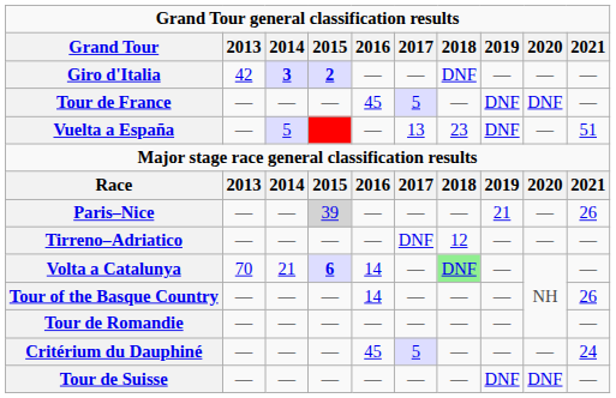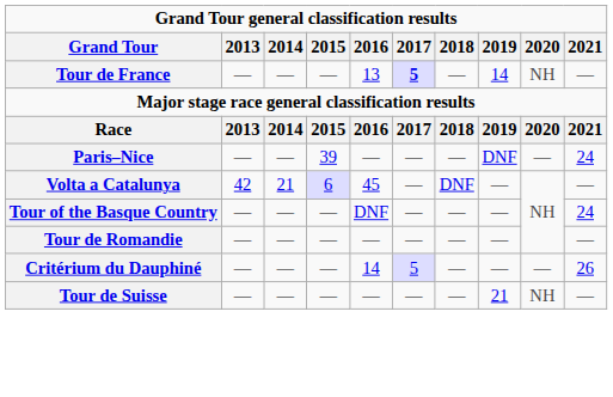 <table class="wikitable plainrowheaders">
 <tr>
 <td colspan="10" align="center"><strong>Grand Tour general classification results</strong></td>
 </tr>
 <tr>
 <th scope="col"><a href='#'>Grand Tour</a></th>
 <th scope="col">2013</th>
 <th scope="col">2014</th>
 <th scope="col">2015</th>
 <th scope="col">2016</th>
 <th scope="col">2017</th>
 <th scope="col">2018</th>
 <th scope="col">2019</th>
 <th scope="col">2020</th>
 <th scope="col">2021</th>
 </tr>
 <tr style="text-align:center;">
-<th scope="row"> <a href='#'>Giro d'Italia</a></th>
-<td><a href='#'>42</a></td>
-<td style="background:#ddf;"><a href='#'><strong>3</strong></a></td>
-<td style="background:#ddf;"><a href='#'><strong>2</strong></a></td>
-<td>—</td>
-<td>—</td>
-<td><a href='#'>DNF</a></td>
-<td>—</td>
-<td>—</td>
-<td>—</td>
-</tr>
-<tr style="text-align:center;">
 <th scope="row"> <a href='#'>Tour de France</a></th>
 <td>—</td>
 <td>—</td>
 <td>—</td>
-<td><a href='#'>45</a></td>
-<td style="background:#ddf;"><a href='#'>5</a></td>
+<td><a href='#'>13</a></td>
+<td style="background:#ddf;"><strong><a href='#'>5</a></strong></td>
 <td>—</td>
-<td><a href='#'>DNF</a></td>
-<td><a href='#'>DNF</a></td>
+<td><a href='#'>14</a></td>
+<td style="color:#4d4d4d;">NH</td>
 <td>—</td>
-</tr>
-<tr style="text-align:center;">
-<th scope="row"> <a href='#'>Vuelta a España</a></th>
-<td>—</td>
-<td style="background:#ddf;"><a href='#'>5</a></td>
-<td style="background:red;"></td>
-<td>—</td>
-<td><a href='#'>13</a></td>
-<td><a href='#'>23</a></td>
-<td><a href='#'>DNF</a></td>
-<td>—</td>
-<td><a href='#'>51</a></td>
 </tr>
 <tr>
 <td colspan="10" align="center"><strong>Major stage race general classification results</strong></td>
 </tr>
 <tr>
 <th scope="col">Race</th>
 <th scope="col">2013</th>
 <th scope="col">2014</th>
 <th scope="col">2015</th>
 <th scope="col">2016</th>
 <th scope="col">2017</th>
 <th scope="col">2018</th>
 <th scope="col">2019</th>
 <th scope="col">2020</th>
 <th scope="col">2021</th>
 </tr>
 <tr style="text-align:center;">
 <th scope="row"> <a href='#'>Paris–Nice</a></th>
 <td>—</td>
 <td>—</td>
-<td style="background: lightgrey;"><a href='#'>39</a></td>
-<td>—</td>
-<td>—</td>
-<td>—</td>
-<td><a href='#'>21</a></td>
-<td>—</td>
-<td><a href='#'>26</a></td>
-</tr>
-<tr style="text-align:center;">
-<th scope="row"> <a href='#'>Tirreno–Adriatico</a></th>
-<td>—</td>
+<td><a href='#'>39</a></td>
 <td>—</td>
 <td>—</td>
 <td>—</td>
 <td><a href='#'>DNF</a></td>
-<td><a href='#'>12</a></td>
 <td>—</td>
-<td>—</td>
-<td>—</td>
+<td><a href='#'>24</a></td>
 </tr>
 <tr style="text-align:center;">
 <th scope="row"> <a href='#'>Volta a Catalunya</a></th>
-<td><a href='#'>70</a></td>
+<td><a href='#'>42</a></td>
 <td><a href='#'>21</a></td>
-<td style="background:#ddddff;"><strong><a href='#'>6</a></strong></td>
-<td><a href='#'>14</a></td>
+<td style="background:#ddddff;"><a href='#'>6</a></td>
+<td><a href='#'>45</a></td>
 <td>—</td>
-<td style="background: lightgreen;"><a href='#'>DNF</a></td>
+<td><a href='#'>DNF</a></td>
 <td>—</td>
 <td style="color:#4d4d4d;" rowspan=3>NH</td>
 <td>—</td>
 </tr>
 <tr style="text-align:center;">
 <th scope="row"> <a href='#'>Tour of the Basque Country</a></th>
 <td>—</td>
 <td>—</td>
 <td>—</td>
-<td><a href='#'>14</a></td>
+<td><a href='#'>DNF</a></td>
 <td>—</td>
 <td>—</td>
 <td>—</td>
-<td><a href='#'>26</a></td>
+<td><a href='#'>24</a></td>
 </tr>
 <tr style="text-align:center;">
 <th scope="row"> <a href='#'>Tour de Romandie</a></th>
 <td>—</td>
 <td>—</td>
 <td>—</td>
 <td>—</td>
 <td>—</td>
 <td>—</td>
 <td>—</td>
 <td>—</td>
 </tr>
 <tr style="text-align:center;">
 <th scope="row"> <a href='#'>Critérium du Dauphiné</a></th>
 <td>—</td>
 <td>—</td>
 <td>—</td>
-<td><a href='#'>45</a></td>
+<td><a href='#'>14</a></td>
 <td style="background:#ddddff;"><a href='#'>5</a></td>
 <td>—</td>
 <td>—</td>
 <td>—</td>
-<td><a href='#'>24</a></td>
+<td><a href='#'>26</a></td>
 </tr>
 <tr style="text-align:center;">
 <th scope="row"> <a href='#'>Tour de Suisse</a></th>
 <td>—</td>
 <td>—</td>
 <td>—</td>
 <td>—</td>
 <td>—</td>
 <td>—</td>
-<td><a href='#'>DNF</a></td>
-<td><a href='#'>DNF</a></td>
+<td><a href='#'>21</a></td>
+<td style="color:#4d4d4d;">NH</td>
 <td>—</td>
 </tr>
 </table>
